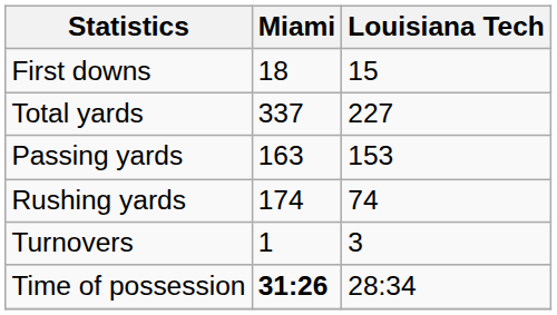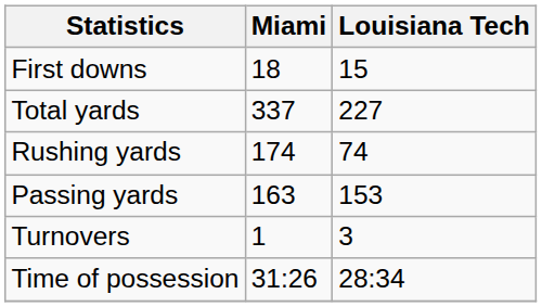 <table class="wikitable" style="float: left;">
 <tr>
 <th>Statistics</th>
 <th>Miami</th>
 <th>Louisiana Tech</th>
 </tr>
 <tr>
 <td>First downs</td>
 <td>18</td>
 <td>15</td>
 </tr>
 <tr>
 <td>Total yards</td>
 <td>337</td>
 <td>227</td>
 </tr>
 <tr>
+<td>Rushing yards</td>
+<td>174</td>
+<td>74</td>
+</tr>
+<tr>
 <td>Passing yards</td>
 <td>163</td>
 <td>153</td>
-</tr>
-<tr>
-<td>Rushing yards</td>
-<td>174</td>
-<td>74</td>
 </tr>
 <tr>
 <td>Turnovers</td>
 <td>1</td>
 <td>3</td>
 </tr>
 <tr>
 <td>Time of possession</td>
-<td><strong>31:26</strong></td>
+<td>31:26</td>
 <td>28:34</td>
 </tr>
 <tr>
 </tr>
 </table>
